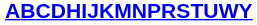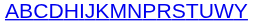 <table id="toc" class="toc" summary="Class">
 <tr>
 <th></th>
 </tr>
 <tr>
-<td style="text-align:center;"><strong><a href='#'>A</a><a href='#'>B</a><a href='#'>C</a><a href='#'>D</a><a href='#'>H</a><a href='#'>I</a><a href='#'>J</a><a href='#'>K</a><a href='#'>M</a><a href='#'>N</a><a href='#'>P</a><a href='#'>R</a><a href='#'>S</a><a href='#'>T</a><a href='#'>U</a><a href='#'>W</a><a href='#'>Y</a></strong></td>
+<td style="text-align:center;"><a href='#'>A</a><a href='#'>B</a><a href='#'>C</a><a href='#'>D</a><a href='#'>H</a><a href='#'>I</a><a href='#'>J</a><a href='#'>K</a><a href='#'>M</a><a href='#'>N</a><a href='#'>P</a><a href='#'>R</a><a href='#'>S</a><a href='#'>T</a><a href='#'>U</a><a href='#'>W</a><a href='#'>Y</a></td>
 </tr>
 </table>
